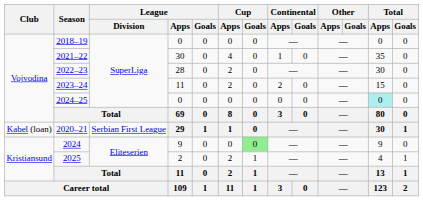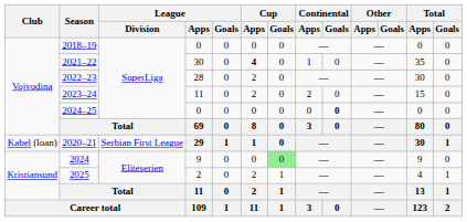 <table class="wikitable" style="text-align: center;font-size:90%">
 <tr>
 <th rowspan="2">Club</th>
 <th rowspan="2">Season</th>
 <th colspan="3">League</th>
 <th colspan="2">Cup</th>
 <th colspan="2">Continental</th>
 <th colspan="2">Other</th>
 <th colspan="2">Total</th>
 </tr>
 <tr>
 <th>Division</th>
 <th>Apps</th>
 <th>Goals</th>
 <th>Apps</th>
 <th>Goals</th>
 <th>Apps</th>
 <th>Goals</th>
 <th>Apps</th>
 <th>Goals</th>
 <th>Apps</th>
 <th>Goals</th>
 </tr>
 <tr>
 <td rowspan="6" valign="center"><a href='#'>Vojvodina</a></td>
 <td><a href='#'>2018–19</a></td>
 <td rowspan="5" valign="center"><a href='#'>SuperLiga</a></td>
 <td>0</td>
 <td>0</td>
 <td>0</td>
 <td>0</td>
 <td colspan="2">—</td>
 <td colspan="2">—</td>
 <td>0</td>
 <td>0</td>
 </tr>
 <tr>
 <td><a href='#'>2021–22</a></td>
 <td>30</td>
 <td>0</td>
-<td>4</td>
+<td><strong>4</strong></td>
 <td>0</td>
 <td>1</td>
 <td>0</td>
 <td colspan="2">—</td>
 <td>35</td>
 <td>0</td>
 </tr>
 <tr>
 <td><a href='#'>2022–23</a></td>
 <td>28</td>
 <td>0</td>
 <td>2</td>
 <td>0</td>
 <td colspan="2">—</td>
 <td colspan="2">—</td>
 <td>30</td>
 <td>0</td>
 </tr>
 <tr>
 <td><a href='#'>2023–24</a></td>
 <td>11</td>
 <td>0</td>
 <td>2</td>
 <td>0</td>
 <td>2</td>
 <td>0</td>
 <td colspan="2">—</td>
 <td>15</td>
 <td>0</td>
 </tr>
 <tr>
 <td><a href='#'>2024–25</a></td>
 <td>0</td>
 <td>0</td>
 <td>0</td>
 <td>0</td>
 <td>0</td>
+<td><strong>0</strong></td>
+<td colspan="2">—</td>
 <td>0</td>
-<td colspan="2">—</td>
-<td style="background: paleturquoise;">0</td>
 <td>0</td>
 </tr>
 <tr>
 <th colspan="2">Total</th>
 <th>69</th>
 <th>0</th>
 <th>8</th>
 <th>0</th>
 <th>3</th>
 <th>0</th>
 <th colspan="2">—</th>
 <th>80</th>
 <th>0</th>
 </tr>
 <tr>
 <td><a href='#'>Kabel</a> (loan)</td>
 <td><a href='#'>2020–21</a></td>
 <td><a href='#'>Serbian First League</a></td>
 <th>29</th>
 <th>1</th>
 <th>1</th>
 <th>0</th>
 <th colspan="2">—</th>
 <th colspan="2">—</th>
 <th>30</th>
 <th>1</th>
 </tr>
 <tr>
 <td rowspan="3" valign="center"><a href='#'>Kristiansund</a></td>
 <td><a href='#'>2024</a></td>
 <td rowspan="2" valign="center"><a href='#'>Eliteserien</a></td>
 <td>9</td>
 <td>0</td>
 <td>0</td>
 <td style="background: lightgreen;">0</td>
 <td colspan="2">—</td>
 <td colspan="2">—</td>
 <td>9</td>
 <td>0</td>
 </tr>
 <tr>
 <td><a href='#'>2025</a></td>
 <td>2</td>
 <td>0</td>
 <td>2</td>
 <td>1</td>
 <td colspan="2">—</td>
 <td colspan="2">—</td>
 <td>4</td>
 <td>1</td>
 </tr>
 <tr>
 <th colspan="2">Total</th>
 <th>11</th>
 <th>0</th>
 <th>2</th>
 <th>1</th>
 <th colspan="2">—</th>
 <th colspan="2">—</th>
 <th>13</th>
 <th>1</th>
 </tr>
 <tr>
 <th colspan="3">Career total</th>
 <th>109</th>
 <th>1</th>
 <th>11</th>
 <th>1</th>
 <th>3</th>
 <th>0</th>
 <th colspan="2">—</th>
 <th>123</th>
 <th>2</th>
 </tr>
 </table>
